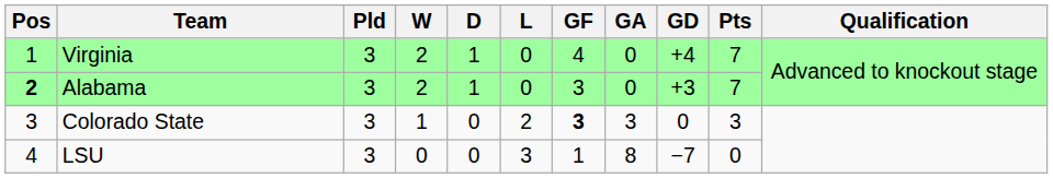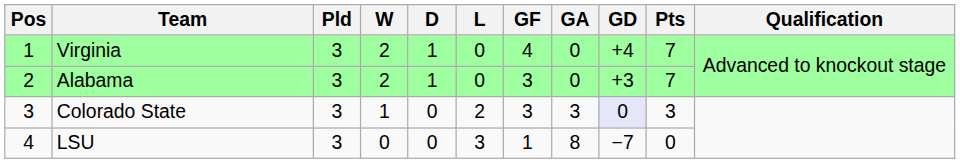 <table class="wikitable" style="text-align:center; margin: 1em auto">
 <tr>
 <th style="width:2em">Pos</th>
 <th style="width:13em">Team</th>
 <th style="width:2em">Pld</th>
 <th style="width:2em">W</th>
 <th style="width:2em">D</th>
 <th style="width:2em">L</th>
 <th style="width:2em">GF</th>
 <th style="width:2em">GA</th>
 <th style="width:2em">GD</th>
 <th style="width:2em">Pts</th>
 <th style="width:13em">Qualification</th>
 </tr>
 <tr bgcolor="#9eff9e">
 <td>1</td>
 <td style="text-align:left">Virginia</td>
 <td>3</td>
 <td>2</td>
 <td>1</td>
 <td>0</td>
 <td>4</td>
 <td>0</td>
 <td>+4</td>
 <td>7</td>
 <td rowspan="2">Advanced to knockout stage</td>
 </tr>
 <tr bgcolor="#9eff9e">
-<td><strong>2</strong></td>
+<td>2</td>
 <td style="text-align:left">Alabama</td>
 <td>3</td>
 <td>2</td>
 <td>1</td>
 <td>0</td>
 <td>3</td>
 <td>0</td>
 <td>+3</td>
 <td>7</td>
 </tr>
 <tr>
 <td>3</td>
 <td style="text-align:left">Colorado State</td>
 <td>3</td>
 <td>1</td>
 <td>0</td>
 <td>2</td>
-<td><strong>3</strong></td>
 <td>3</td>
-<td>0</td>
+<td>3</td>
+<td style="background: lavender;">0</td>
 <td>3</td>
 </tr>
 <tr>
 <td>4</td>
 <td style="text-align:left">LSU</td>
 <td>3</td>
 <td>0</td>
 <td>0</td>
 <td>3</td>
 <td>1</td>
 <td>8</td>
 <td>−7</td>
 <td>0</td>
 </tr>
 </table>
